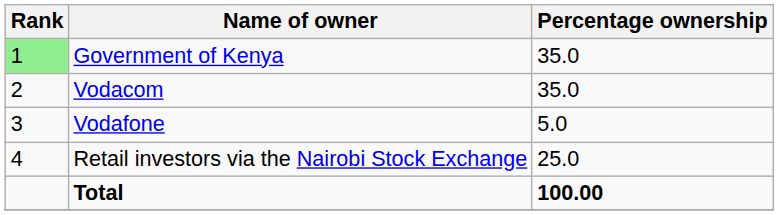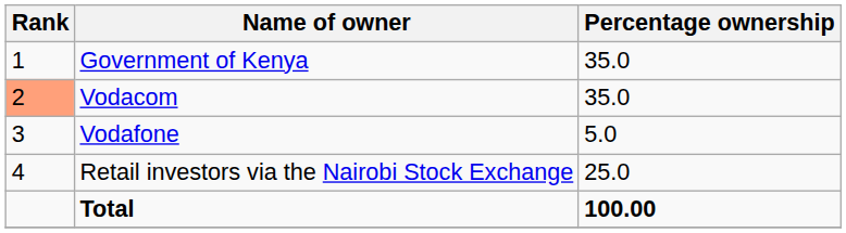 <table class="wikitable sortable" style="margin: 0.5em auto">
 <tr>
 <th>Rank</th>
 <th>Name of owner</th>
 <th>Percentage ownership</th>
 </tr>
 <tr>
-<td style="background: lightgreen;">1</td>
+<td>1</td>
 <td><a href='#'>Government of Kenya</a></td>
 <td>35.0</td>
 </tr>
 <tr>
-<td>2</td>
+<td style="background: lightsalmon;">2</td>
 <td><a href='#'>Vodacom</a></td>
 <td>35.0</td>
 </tr>
 <tr>
 <td>3</td>
 <td><a href='#'>Vodafone</a></td>
 <td>5.0</td>
 </tr>
 <tr>
 <td>4</td>
 <td>Retail investors via the <a href='#'>Nairobi Stock Exchange</a></td>
 <td>25.0</td>
 </tr>
 <tr>
 <td></td>
 <td><strong>Total</strong></td>
 <td><strong>100.00</strong></td>
 </tr>
 <tr>
 </tr>
 </table>
